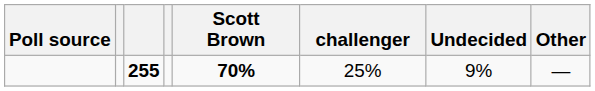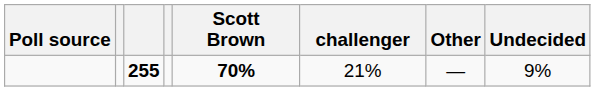 <table class="wikitable" style="text-align:center">
 <tr valign= bottom>
 <th>Poll source</th>
 <th></th>
 <th></th>
 <th></th>
 <th style="width:100px;">Scott<br>Brown</th>
 <th style="width:100px;"><br>challenger</th>
+<th>Other</th>
 <th>Undecided</th>
-<th>Other</th>
 </tr>
 <tr>
 <td align=left></td>
 <td></td>
 <td><strong>255</strong></td>
 <td></td>
 <td><strong>70%</strong></td>
-<td>25%</td>
+<td>21%</td>
+<td>—</td>
 <td>9%</td>
-<td>—</td>
 </tr>
 </table>
